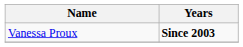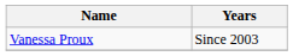 <table class="wikitable centre" style="margin: 1em auto 1em auto;">
 <tr>
 <th scope="col" style="width:200px;">Name</th>
 <th scope="col" style="width:100px;">Years</th>
 </tr>
 <tr ---->
 <td><a href='#'>Vanessa Proux</a></td>
-<td><strong>Since 2003</strong></td>
+<td>Since 2003</td>
 </tr>
 <tr ---->
 </tr>
 </table>
